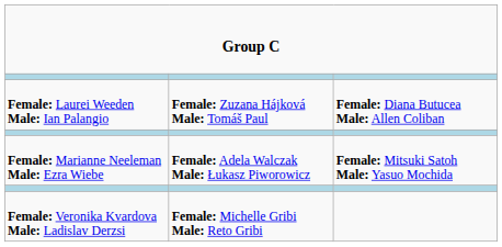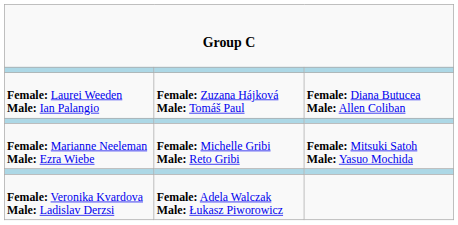 <table class="wikitable">
 <tr>
 <td align=center colspan="3"><br><h3>Group C</h3></td>
 </tr>
 <tr>
 <th style="background: #ADD8E6;" width=200></th>
 <th style="background: #ADD8E6;" width=200></th>
 <th style="background: #ADD8E6;" width=200></th>
 </tr>
 <tr>
 <td><br><strong>Female:</strong> <a href='#'>Laurei Weeden</a><br> <strong>Male:</strong> <a href='#'>Ian Palangio</a></td>
 <td><br><strong>Female:</strong> <a href='#'>Zuzana Hájková</a><br> <strong>Male:</strong> <a href='#'>Tomáš Paul</a></td>
 <td><br><strong>Female:</strong> <a href='#'>Diana Butucea</a><br> <strong>Male:</strong> <a href='#'>Allen Coliban</a></td>
 </tr>
 <tr>
 <th style="background: #ADD8E6;" width=200></th>
 <th style="background: #ADD8E6;" width=200></th>
 <th style="background: #ADD8E6;" width=200></th>
 </tr>
 <tr>
 <td><br><strong>Female:</strong> <a href='#'>Marianne Neeleman</a><br> <strong>Male:</strong> <a href='#'>Ezra Wiebe</a></td>
-<td><br><strong>Female:</strong> <a href='#'>Adela Walczak</a><br> <strong>Male:</strong> <a href='#'>Łukasz Piworowicz</a></td>
+<td><br><strong>Female:</strong> <a href='#'>Michelle Gribi</a><br> <strong>Male:</strong> <a href='#'>Reto Gribi</a></td>
 <td><br><strong>Female:</strong> <a href='#'>Mitsuki Satoh</a><br> <strong>Male:</strong> <a href='#'>Yasuo Mochida</a></td>
 </tr>
 <tr>
 <th style="background: #ADD8E6;" width=200></th>
 <th style="background: #ADD8E6;" width=200></th>
 <th style="background: #ADD8E6;" width=200></th>
 </tr>
 <tr>
 <td><br><strong>Female:</strong> <a href='#'>Veronika Kvardova</a><br> <strong>Male:</strong> <a href='#'>Ladislav Derzsi</a></td>
-<td><br><strong>Female:</strong> <a href='#'>Michelle Gribi</a><br> <strong>Male:</strong> <a href='#'>Reto Gribi</a></td>
+<td><br><strong>Female:</strong> <a href='#'>Adela Walczak</a><br> <strong>Male:</strong> <a href='#'>Łukasz Piworowicz</a></td>
 <td></td>
 </tr>
 </table>
